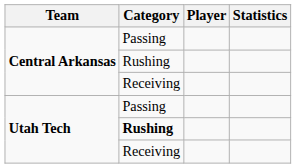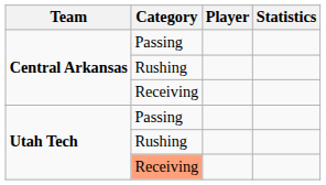 <table class="wikitable" style="float: right;">
 <tr>
 <th>Team</th>
 <th>Category</th>
 <th>Player</th>
 <th>Statistics</th>
 </tr>
 <tr>
 <td rowspan=3><strong>Central Arkansas</strong></td>
 <td>Passing</td>
 <td></td>
 <td></td>
 </tr>
 <tr>
 <td>Rushing</td>
 <td></td>
 <td></td>
 </tr>
 <tr>
 <td>Receiving</td>
 <td></td>
 <td></td>
 </tr>
 <tr>
 <td rowspan=3><strong>Utah Tech</strong></td>
 <td>Passing</td>
 <td></td>
 <td></td>
 </tr>
 <tr>
-<td><strong>Rushing</strong></td>
+<td>Rushing</td>
 <td></td>
 <td></td>
 </tr>
 <tr>
-<td>Receiving</td>
+<td style="background: lightsalmon;">Receiving</td>
 <td></td>
 <td></td>
 </tr>
 </table>
